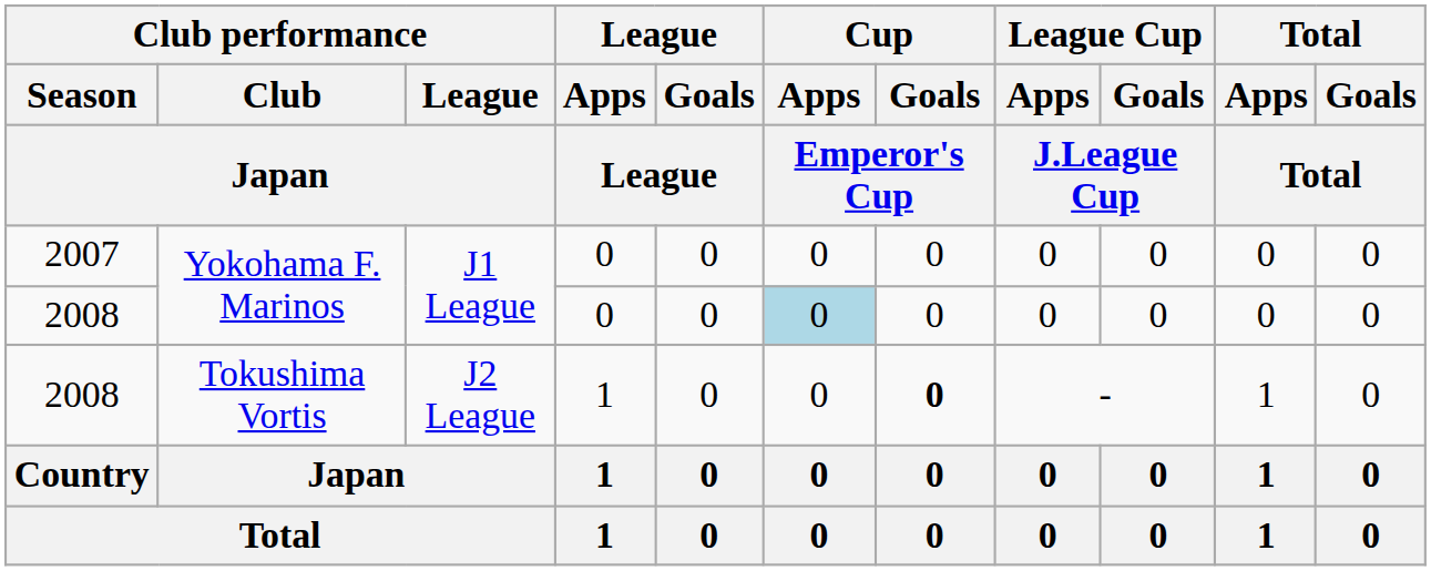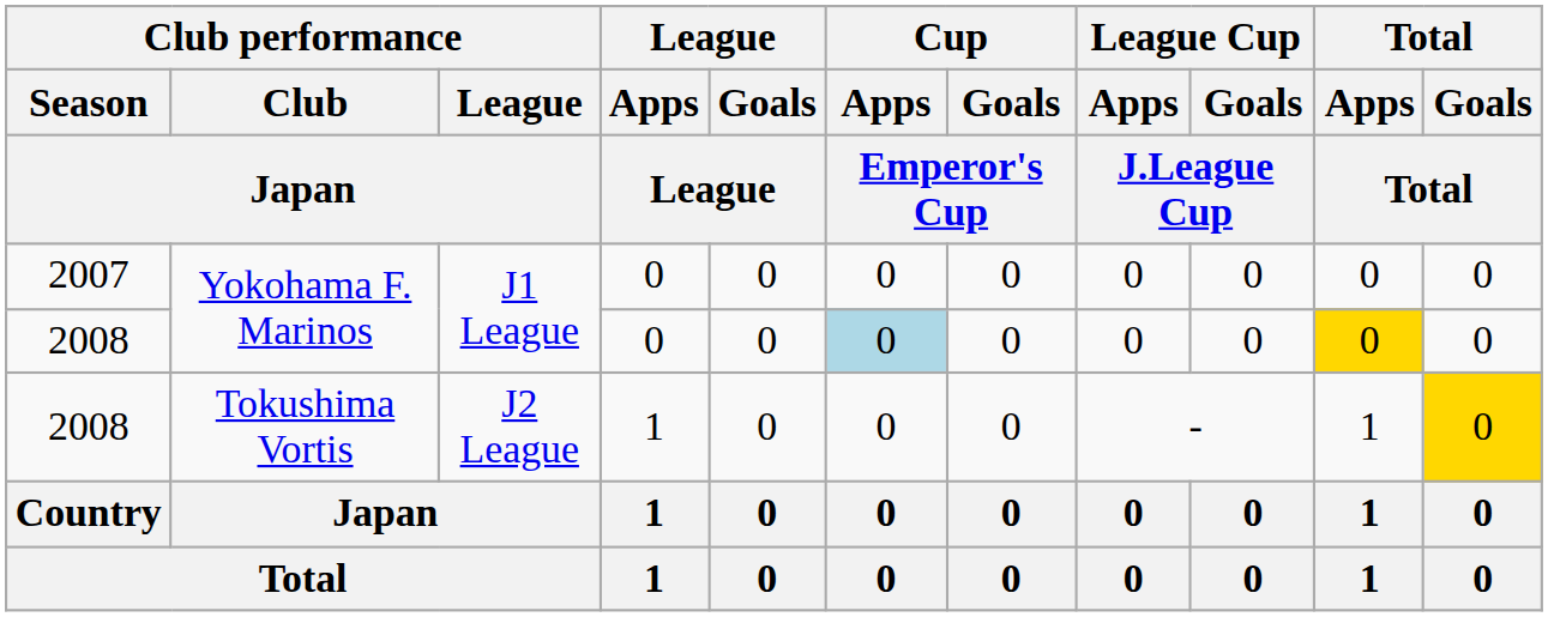 <table class="wikitable" style="text-align:center;">
 <tr>
 <th colspan=3>Club performance</th>
 <th colspan=2>League</th>
 <th colspan=2>Cup</th>
 <th colspan=2>League Cup</th>
 <th colspan=2>Total</th>
 </tr>
 <tr>
 <th>Season</th>
 <th>Club</th>
 <th>League</th>
 <th>Apps</th>
 <th>Goals</th>
 <th>Apps</th>
 <th>Goals</th>
 <th>Apps</th>
 <th>Goals</th>
 <th>Apps</th>
 <th>Goals</th>
 </tr>
 <tr>
 <th colspan=3>Japan</th>
 <th colspan=2>League</th>
 <th colspan=2><a href='#'>Emperor's Cup</a></th>
 <th colspan=2><a href='#'>J.League Cup</a></th>
 <th colspan=2>Total</th>
 </tr>
 <tr>
 <td>2007</td>
 <td rowspan="2"><a href='#'>Yokohama F. Marinos</a></td>
 <td rowspan="2"><a href='#'>J1 League</a></td>
 <td>0</td>
 <td>0</td>
 <td>0</td>
 <td>0</td>
 <td>0</td>
 <td>0</td>
 <td>0</td>
 <td>0</td>
 </tr>
 <tr>
 <td>2008</td>
 <td>0</td>
 <td>0</td>
 <td style="background: lightblue;">0</td>
 <td>0</td>
 <td>0</td>
 <td>0</td>
-<td>0</td>
+<td style="background: gold;">0</td>
 <td>0</td>
 </tr>
 <tr>
 <td>2008</td>
 <td><a href='#'>Tokushima Vortis</a></td>
 <td><a href='#'>J2 League</a></td>
 <td>1</td>
 <td>0</td>
 <td>0</td>
-<td><strong>0</strong></td>
+<td>0</td>
 <td colspan="2">-</td>
 <td>1</td>
-<td>0</td>
+<td style="background: gold;">0</td>
 </tr>
 <tr>
 <th rowspan=1>Country</th>
 <th colspan=2>Japan</th>
 <th>1</th>
 <th>0</th>
 <th>0</th>
 <th>0</th>
 <th>0</th>
 <th>0</th>
 <th>1</th>
 <th>0</th>
 </tr>
 <tr>
 <th colspan=3>Total</th>
 <th>1</th>
 <th>0</th>
 <th>0</th>
 <th>0</th>
 <th>0</th>
 <th>0</th>
 <th>1</th>
 <th>0</th>
 </tr>
 </table>
